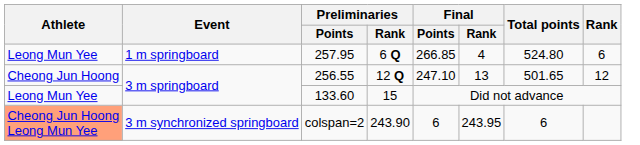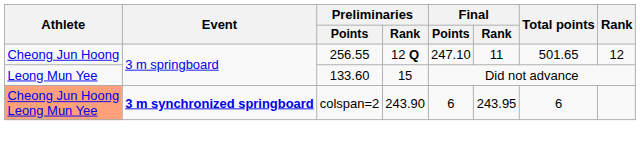 <table class="wikitable" style="font-size:90%;">
 <tr>
 <th rowspan=2>Athlete</th>
 <th rowspan=2>Event</th>
 <th colspan=2>Preliminaries</th>
 <th colspan=2>Final</th>
 <th rowspan=2>Total points</th>
 <th rowspan=2>Rank</th>
 </tr>
 <tr style="font-size:95%">
 <th>Points</th>
 <th>Rank</th>
 <th>Points</th>
 <th>Rank</th>
 </tr>
 <tr align=center>
-<td align=left><a href='#'>Leong Mun Yee</a></td>
-<td align=left><a href='#'>1 m springboard</a></td>
-<td>257.95</td>
-<td>6 <strong>Q</strong></td>
-<td>266.85</td>
-<td>4</td>
-<td>524.80</td>
-<td>6</td>
-</tr>
-<tr align=center>
 <td align=left><a href='#'>Cheong Jun Hoong</a></td>
 <td align=left rowspan=2><a href='#'>3 m springboard</a></td>
 <td>256.55</td>
 <td>12 <strong>Q</strong></td>
 <td>247.10</td>
-<td>13</td>
+<td>11</td>
 <td>501.65</td>
 <td>12</td>
 </tr>
 <tr align=center>
 <td align=left><a href='#'>Leong Mun Yee</a></td>
 <td>133.60</td>
 <td>15</td>
 <td colspan=4>Did not advance</td>
 </tr>
 <tr align=center>
 <td align=left style="background: lightsalmon;"><a href='#'>Cheong Jun Hoong</a><br><a href='#'>Leong Mun Yee</a></td>
-<td align=left><a href='#'>3 m synchronized springboard</a></td>
+<td align=left><strong><a href='#'>3 m synchronized springboard</a></strong></td>
 <td>colspan=2 </td>
 <td>243.90</td>
 <td>6</td>
 <td>243.95</td>
 <td>6</td>
 </tr>
 </table>
